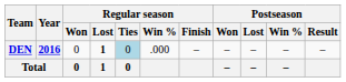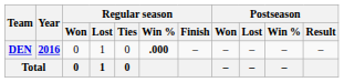 <table class="wikitable" style="font-size:95%; text-align:center;">
 <tr>
 <th rowspan="2">Team</th>
 <th rowspan="2">Year</th>
 <th colspan="5">Regular season</th>
 <th colspan="4">Postseason</th>
 </tr>
 <tr>
 <th>Won</th>
 <th>Lost</th>
 <th>Ties</th>
 <th>Win %</th>
 <th>Finish</th>
 <th>Won</th>
 <th>Lost</th>
 <th>Win %</th>
 <th>Result</th>
 </tr>
 <tr>
 <th><a href='#'>DEN</a></th>
 <th><a href='#'>2016</a></th>
 <td>0</td>
-<td><strong>1</strong></td>
-<td style="background: lightblue;">0</td>
-<td>.000</td>
+<td>1</td>
+<td>0</td>
+<td><strong>.000</strong></td>
 <td>–</td>
 <td>–</td>
 <td>–</td>
 <td>–</td>
 <td>–</td>
 </tr>
 <tr>
 <th colspan="2">Total</th>
 <th>0</th>
 <th>1</th>
 <th>0</th>
 <th></th>
 <th></th>
 <th>–</th>
 <th>–</th>
 <th>–</th>
 <th></th>
 </tr>
 </table>
